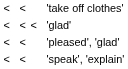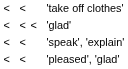 <table cellspacing=5>
 <tr>
 <td></td>
 <td></td>
 <td><</td>
 <td></td>
 <td><</td>
 <td></td>
 <td></td>
 <td>'take off clothes'</td>
 </tr>
 <tr>
 <td></td>
 <td></td>
 <td><</td>
 <td></td>
 <td><</td>
 <td> < </td>
 <td></td>
 <td>'glad'</td>
 </tr>
 <tr>
 <td></td>
 <td></td>
 <td><</td>
 <td></td>
 <td><</td>
 <td></td>
 <td></td>
-<td>'pleased', 'glad'</td>
+<td>'speak', 'explain'</td>
 </tr>
 <tr>
 <td></td>
 <td></td>
 <td><</td>
 <td></td>
 <td><</td>
 <td></td>
 <td></td>
-<td>'speak', 'explain'</td>
+<td>'pleased', 'glad'</td>
 </tr>
 </table>
